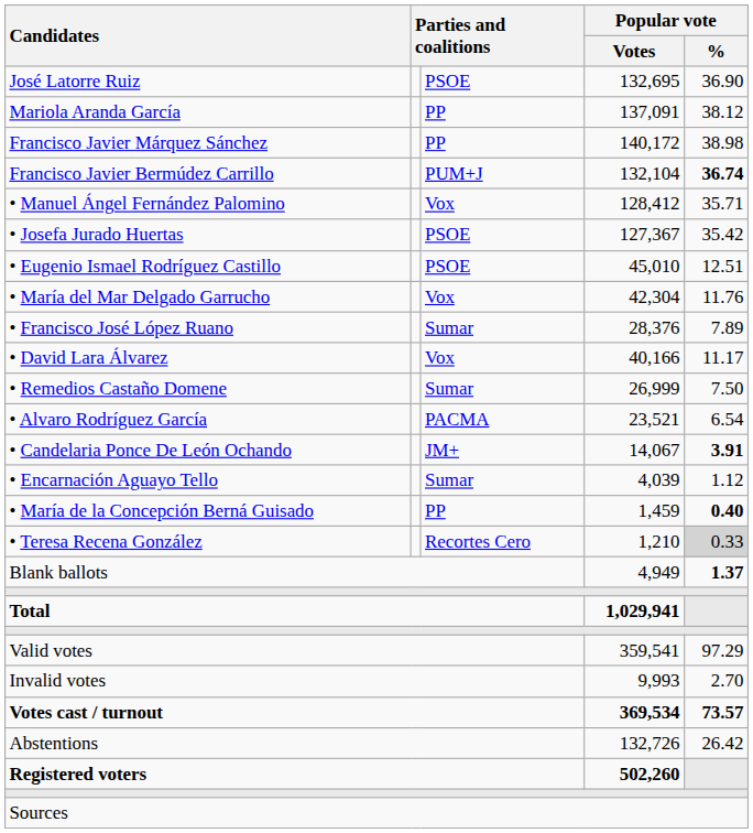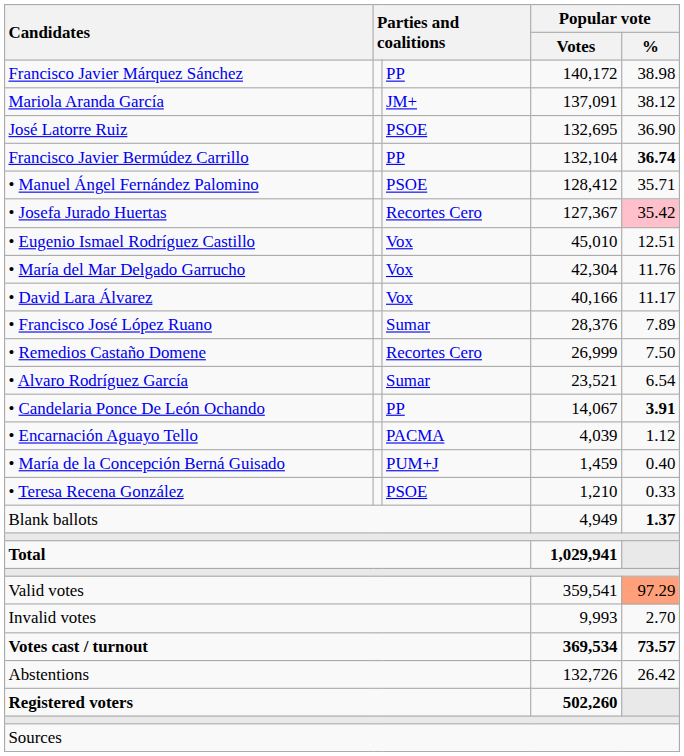 <table class="wikitable" style="text-align:right; font-size:95%;">
 <tr>
 <th style="text-align:left;" rowspan="2" width="325">Candidates</th>
 <th style="text-align:left;" rowspan="2" colspan="2" width="175">Parties and coalitions</th>
 <th colspan="2">Popular vote</th>
 </tr>
 <tr>
 <th width="75">Votes</th>
 <th width="45">%</th>
 </tr>
 <tr>
+<td align="left"> <a href='#'>Francisco Javier Márquez Sánchez</a></td>
+<td width="1" style="color:inherit;background:"></td>
+<td align="left"><a href='#'>PP</a></td>
+<td>140,172</td>
+<td>38.98</td>
+</tr>
+<tr>
+<td align="left"> <a href='#'>Mariola Aranda García</a></td>
+<td width="1" style="color:inherit;background:"></td>
+<td align="left"><a href='#'>JM+</a></td>
+<td>137,091</td>
+<td>38.12</td>
+</tr>
+<tr>
 <td align="left"> <a href='#'>José Latorre Ruiz</a></td>
 <td width="1" style="color:inherit;background:"></td>
 <td align="left"><a href='#'>PSOE</a></td>
 <td>132,695</td>
 <td>36.90</td>
 </tr>
 <tr>
-<td align="left"> <a href='#'>Mariola Aranda García</a></td>
+<td align="left"> <a href='#'>Francisco Javier Bermúdez Carrillo</a></td>
 <td width="1" style="color:inherit;background:"></td>
 <td align="left"><a href='#'>PP</a></td>
-<td>137,091</td>
-<td>38.12</td>
-</tr>
-<tr>
-<td align="left"> <a href='#'>Francisco Javier Márquez Sánchez</a></td>
-<td width="1" style="color:inherit;background:"></td>
-<td align="left"><a href='#'>PP</a></td>
-<td>140,172</td>
-<td>38.98</td>
-</tr>
-<tr>
-<td align="left"> <a href='#'>Francisco Javier Bermúdez Carrillo</a></td>
-<td width="1" style="color:inherit;background:"></td>
-<td align="left"><a href='#'>PUM+J</a></td>
 <td>132,104</td>
 <td><strong>36.74</strong></td>
 </tr>
 <tr>
 <td align="left">• <a href='#'>Manuel Ángel Fernández Palomino</a></td>
 <td width="1" style="color:inherit;background:"></td>
-<td align="left"><a href='#'>Vox</a></td>
+<td align="left"><a href='#'>PSOE</a></td>
 <td>128,412</td>
 <td>35.71</td>
 </tr>
 <tr>
 <td align="left">• <a href='#'>Josefa Jurado Huertas</a></td>
 <td width="1" style="color:inherit;background:"></td>
-<td align="left"><a href='#'>PSOE</a></td>
+<td align="left"><a href='#'>Recortes Cero</a></td>
 <td>127,367</td>
-<td>35.42</td>
+<td style="background: pink;">35.42</td>
 </tr>
 <tr>
 <td align="left">• <a href='#'>Eugenio Ismael Rodríguez Castillo</a></td>
 <td width="1" style="color:inherit;background:"></td>
-<td align="left"><a href='#'>PSOE</a></td>
+<td align="left"><a href='#'>Vox</a></td>
 <td>45,010</td>
 <td>12.51</td>
 </tr>
 <tr>
 <td align="left">• <a href='#'>María del Mar Delgado Garrucho</a></td>
 <td width="1" style="color:inherit;background:"></td>
 <td align="left"><a href='#'>Vox</a></td>
 <td>42,304</td>
 <td>11.76</td>
 </tr>
 <tr>
+<td align="left">• <a href='#'>David Lara Álvarez</a></td>
+<td width="1" style="color:inherit;background:"></td>
+<td align="left"><a href='#'>Vox</a></td>
+<td>40,166</td>
+<td>11.17</td>
+</tr>
+<tr>
 <td align="left">• <a href='#'>Francisco José López Ruano</a></td>
 <td width="1" style="color:inherit;background:"></td>
 <td align="left"><a href='#'>Sumar</a></td>
 <td>28,376</td>
 <td>7.89</td>
 </tr>
 <tr>
-<td align="left">• <a href='#'>David Lara Álvarez</a></td>
-<td width="1" style="color:inherit;background:"></td>
-<td align="left"><a href='#'>Vox</a></td>
-<td>40,166</td>
-<td>11.17</td>
-</tr>
-<tr>
 <td align="left">• <a href='#'>Remedios Castaño Domene</a></td>
 <td width="1" style="color:inherit;background:"></td>
-<td align="left"><a href='#'>Sumar</a></td>
+<td align="left"><a href='#'>Recortes Cero</a></td>
 <td>26,999</td>
 <td>7.50</td>
 </tr>
 <tr>
 <td align="left">• <a href='#'>Alvaro Rodríguez García</a></td>
 <td width="1" style="color:inherit;background:"></td>
-<td align="left"><a href='#'>PACMA</a></td>
+<td align="left"><a href='#'>Sumar</a></td>
 <td>23,521</td>
 <td>6.54</td>
 </tr>
 <tr>
 <td align="left">• <a href='#'>Candelaria Ponce De León Ochando</a></td>
 <td width="1" style="color:inherit;background:"></td>
-<td align="left"><a href='#'>JM+</a></td>
+<td align="left"><a href='#'>PP</a></td>
 <td>14,067</td>
 <td><strong>3.91</strong></td>
 </tr>
 <tr>
 <td align="left">• <a href='#'>Encarnación Aguayo Tello</a></td>
 <td width="1" style="color:inherit;background:"></td>
-<td align="left"><a href='#'>Sumar</a></td>
+<td align="left"><a href='#'>PACMA</a></td>
 <td>4,039</td>
 <td>1.12</td>
 </tr>
 <tr>
 <td align="left">• <a href='#'>María de la Concepción Berná Guisado</a></td>
 <td width="1" style="color:inherit;background:"></td>
-<td align="left"><a href='#'>PP</a></td>
+<td align="left"><a href='#'>PUM+J</a></td>
 <td>1,459</td>
-<td><strong>0.40</strong></td>
+<td>0.40</td>
 </tr>
 <tr>
 <td align="left">• <a href='#'>Teresa Recena González</a></td>
 <td width="1" style="color:inherit;background:"></td>
-<td align="left"><a href='#'>Recortes Cero</a></td>
+<td align="left"><a href='#'>PSOE</a></td>
 <td>1,210</td>
-<td style="background: lightgrey;">0.33</td>
+<td>0.33</td>
 </tr>
 <tr>
 <td align="left" colspan="3">Blank ballots</td>
 <td>4,949</td>
 <td><strong>1.37</strong></td>
 </tr>
 <tr>
 <td colspan="5" bgcolor="#E9E9E9"></td>
 </tr>
 <tr style="font-weight:bold;">
 <td align="left" colspan="3">Total</td>
 <td>1,029,941</td>
 <td bgcolor="#E9E9E9"></td>
 </tr>
 <tr>
 <td colspan="5" bgcolor="#E9E9E9"></td>
 </tr>
 <tr>
 <td align="left" colspan="3">Valid votes</td>
 <td>359,541</td>
-<td>97.29</td>
+<td style="background: lightsalmon;">97.29</td>
 </tr>
 <tr>
 <td align="left" colspan="3">Invalid votes</td>
 <td>9,993</td>
 <td>2.70</td>
 </tr>
 <tr style="font-weight:bold;">
 <td align="left" colspan="3">Votes cast / turnout</td>
 <td>369,534</td>
 <td>73.57</td>
 </tr>
 <tr>
 <td align="left" colspan="3">Abstentions</td>
 <td>132,726</td>
 <td>26.42</td>
 </tr>
 <tr style="font-weight:bold;">
 <td align="left" colspan="3">Registered voters</td>
 <td>502,260</td>
 <td bgcolor="#E9E9E9"></td>
 </tr>
 <tr>
 <td colspan="5" bgcolor="#E9E9E9"></td>
 </tr>
 <tr>
 <td align="left" colspan="5">Sources</td>
 </tr>
 </table>
